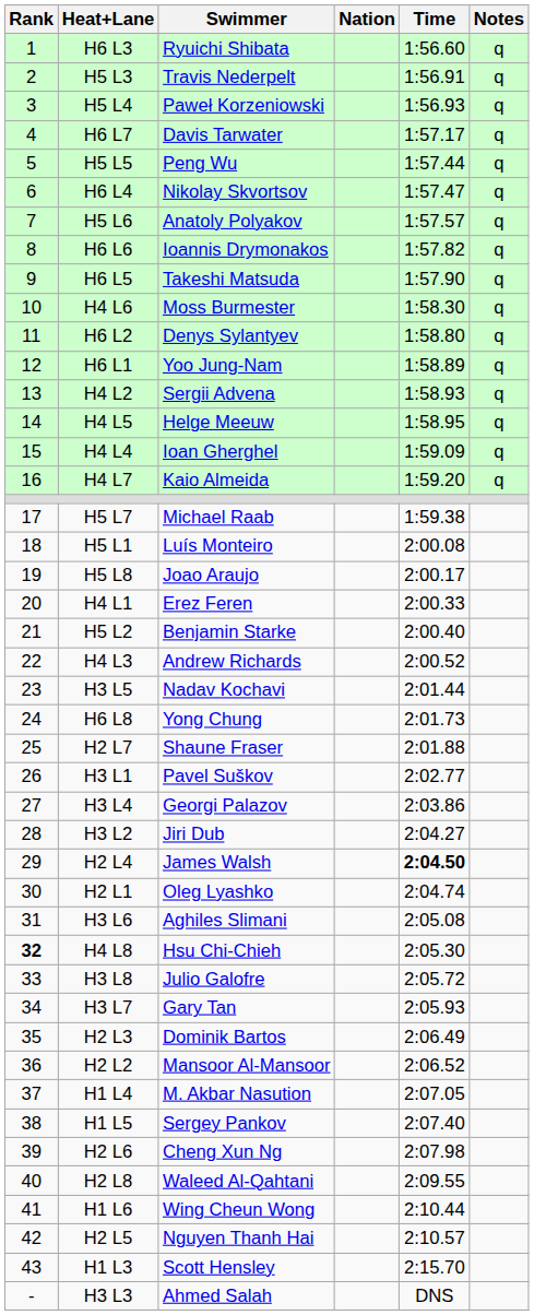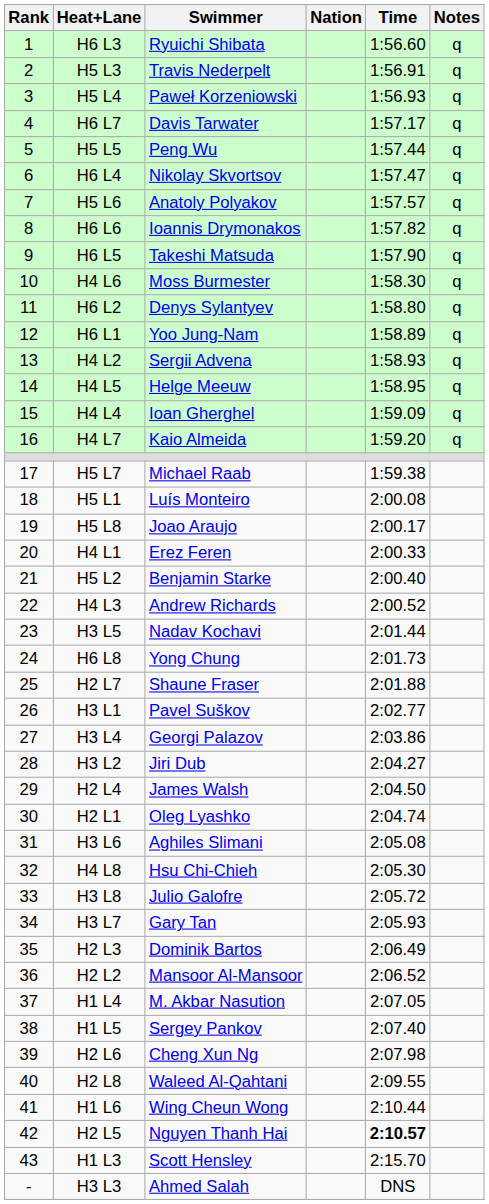 <table class="wikitable sortable" style="text-align:center">
 <tr>
 <th>Rank</th>
 <th>Heat+Lane</th>
 <th>Swimmer</th>
 <th>Nation</th>
 <th>Time</th>
 <th>Notes</th>
 </tr>
 <tr bgcolor=ccffcc>
 <td>1</td>
 <td>H6 L3</td>
 <td align=left><a href='#'>Ryuichi Shibata</a></td>
 <td align=left></td>
 <td>1:56.60</td>
 <td>q</td>
 </tr>
 <tr bgcolor=ccffcc>
 <td>2</td>
 <td>H5 L3</td>
 <td align=left><a href='#'>Travis Nederpelt</a></td>
 <td align=left></td>
 <td>1:56.91</td>
 <td>q</td>
 </tr>
 <tr bgcolor=ccffcc>
 <td>3</td>
 <td>H5 L4</td>
 <td align=left><a href='#'>Paweł Korzeniowski</a></td>
 <td align=left></td>
 <td>1:56.93</td>
 <td>q</td>
 </tr>
 <tr bgcolor=ccffcc>
 <td>4</td>
 <td>H6 L7</td>
 <td align=left><a href='#'>Davis Tarwater</a></td>
 <td align=left></td>
 <td>1:57.17</td>
 <td>q</td>
 </tr>
 <tr bgcolor=ccffcc>
 <td>5</td>
 <td>H5 L5</td>
 <td align=left><a href='#'>Peng Wu</a></td>
 <td align=left></td>
 <td>1:57.44</td>
 <td>q</td>
 </tr>
 <tr bgcolor=ccffcc>
 <td>6</td>
 <td>H6 L4</td>
 <td align=left><a href='#'>Nikolay Skvortsov</a></td>
 <td align=left></td>
 <td>1:57.47</td>
 <td>q</td>
 </tr>
 <tr bgcolor=ccffcc>
 <td>7</td>
 <td>H5 L6</td>
 <td align=left><a href='#'>Anatoly Polyakov</a></td>
 <td align=left></td>
 <td>1:57.57</td>
 <td>q</td>
 </tr>
 <tr bgcolor=ccffcc>
 <td>8</td>
 <td>H6 L6</td>
 <td align=left><a href='#'>Ioannis Drymonakos</a></td>
 <td align=left></td>
 <td>1:57.82</td>
 <td>q</td>
 </tr>
 <tr bgcolor=ccffcc>
 <td>9</td>
 <td>H6 L5</td>
 <td align=left><a href='#'>Takeshi Matsuda</a></td>
 <td align=left></td>
 <td>1:57.90</td>
 <td>q</td>
 </tr>
 <tr bgcolor=ccffcc>
 <td>10</td>
 <td>H4 L6</td>
 <td align=left><a href='#'>Moss Burmester</a></td>
 <td align=left></td>
 <td>1:58.30</td>
 <td>q</td>
 </tr>
 <tr bgcolor=ccffcc>
 <td>11</td>
 <td>H6 L2</td>
 <td align=left><a href='#'>Denys Sylantyev</a></td>
 <td align=left></td>
 <td>1:58.80</td>
 <td>q</td>
 </tr>
 <tr bgcolor=ccffcc>
 <td>12</td>
 <td>H6 L1</td>
 <td align=left><a href='#'>Yoo Jung-Nam</a></td>
 <td align=left></td>
 <td>1:58.89</td>
 <td>q</td>
 </tr>
 <tr bgcolor=ccffcc>
 <td>13</td>
 <td>H4 L2</td>
 <td align=left><a href='#'>Sergii Advena</a></td>
 <td align=left></td>
 <td>1:58.93</td>
 <td>q</td>
 </tr>
 <tr bgcolor=ccffcc>
 <td>14</td>
 <td>H4 L5</td>
 <td align=left><a href='#'>Helge Meeuw</a></td>
 <td align=left></td>
 <td>1:58.95</td>
 <td>q</td>
 </tr>
 <tr bgcolor=ccffcc>
 <td>15</td>
 <td>H4 L4</td>
 <td align=left><a href='#'>Ioan Gherghel</a></td>
 <td align=left></td>
 <td>1:59.09</td>
 <td>q</td>
 </tr>
 <tr bgcolor=ccffcc>
 <td>16</td>
 <td>H4 L7</td>
 <td align=left><a href='#'>Kaio Almeida</a></td>
 <td align=left></td>
 <td>1:59.20</td>
 <td>q</td>
 </tr>
 <tr bgcolor=#DDDDDD>
 <td colspan=7></td>
 </tr>
 <tr>
 <td>17</td>
 <td>H5 L7</td>
 <td align=left><a href='#'>Michael Raab</a></td>
 <td align=left></td>
 <td>1:59.38</td>
 <td></td>
 </tr>
 <tr>
 <td>18</td>
 <td>H5 L1</td>
 <td align=left><a href='#'>Luís Monteiro</a></td>
 <td align=left></td>
 <td>2:00.08</td>
 <td></td>
 </tr>
 <tr>
 <td>19</td>
 <td>H5 L8</td>
 <td align=left><a href='#'>Joao Araujo</a></td>
 <td align=left></td>
 <td>2:00.17</td>
 <td></td>
 </tr>
 <tr>
 <td>20</td>
 <td>H4 L1</td>
 <td align=left><a href='#'>Erez Feren</a></td>
 <td align=left></td>
 <td>2:00.33</td>
 <td></td>
 </tr>
 <tr>
 <td>21</td>
 <td>H5 L2</td>
 <td align=left><a href='#'>Benjamin Starke</a></td>
 <td align=left></td>
 <td>2:00.40</td>
 <td></td>
 </tr>
 <tr>
 <td>22</td>
 <td>H4 L3</td>
 <td align=left><a href='#'>Andrew Richards</a></td>
 <td align=left></td>
 <td>2:00.52</td>
 <td></td>
 </tr>
 <tr>
 <td>23</td>
 <td>H3 L5</td>
 <td align=left><a href='#'>Nadav Kochavi</a></td>
 <td align=left></td>
 <td>2:01.44</td>
 <td></td>
 </tr>
 <tr>
 <td>24</td>
 <td>H6 L8</td>
 <td align=left><a href='#'>Yong Chung</a></td>
 <td align=left></td>
 <td>2:01.73</td>
 <td></td>
 </tr>
 <tr>
 <td>25</td>
 <td>H2 L7</td>
 <td align=left><a href='#'>Shaune Fraser</a></td>
 <td align=left></td>
 <td>2:01.88</td>
 <td></td>
 </tr>
 <tr>
 <td>26</td>
 <td>H3 L1</td>
 <td align=left><a href='#'>Pavel Suškov</a></td>
 <td align=left></td>
 <td>2:02.77</td>
 <td></td>
 </tr>
 <tr>
 <td>27</td>
 <td>H3 L4</td>
 <td align=left><a href='#'>Georgi Palazov</a></td>
 <td align=left></td>
 <td>2:03.86</td>
 <td></td>
 </tr>
 <tr>
 <td>28</td>
 <td>H3 L2</td>
 <td align=left><a href='#'>Jiri Dub</a></td>
 <td align=left></td>
 <td>2:04.27</td>
 <td></td>
 </tr>
 <tr>
 <td>29</td>
 <td>H2 L4</td>
 <td align=left><a href='#'>James Walsh</a></td>
 <td align=left></td>
-<td><strong>2:04.50</strong></td>
+<td>2:04.50</td>
 <td></td>
 </tr>
 <tr>
 <td>30</td>
 <td>H2 L1</td>
 <td align=left><a href='#'>Oleg Lyashko</a></td>
 <td align=left></td>
 <td>2:04.74</td>
 <td></td>
 </tr>
 <tr>
 <td>31</td>
 <td>H3 L6</td>
 <td align=left><a href='#'>Aghiles Slimani</a></td>
 <td align=left></td>
 <td>2:05.08</td>
 <td></td>
 </tr>
 <tr>
-<td><strong>32</strong></td>
+<td>32</td>
 <td>H4 L8</td>
 <td align=left><a href='#'>Hsu Chi-Chieh</a></td>
 <td align=left></td>
 <td>2:05.30</td>
 <td></td>
 </tr>
 <tr>
 <td>33</td>
 <td>H3 L8</td>
 <td align=left><a href='#'>Julio Galofre</a></td>
 <td align=left></td>
 <td>2:05.72</td>
 <td></td>
 </tr>
 <tr>
 <td>34</td>
 <td>H3 L7</td>
 <td align=left><a href='#'>Gary Tan</a></td>
 <td align=left></td>
 <td>2:05.93</td>
 <td></td>
 </tr>
 <tr>
 <td>35</td>
 <td>H2 L3</td>
 <td align=left><a href='#'>Dominik Bartos</a></td>
 <td align=left></td>
 <td>2:06.49</td>
 <td></td>
 </tr>
 <tr>
 <td>36</td>
 <td>H2 L2</td>
 <td align=left><a href='#'>Mansoor Al-Mansoor</a></td>
 <td align=left></td>
 <td>2:06.52</td>
 <td></td>
 </tr>
 <tr>
 <td>37</td>
 <td>H1 L4</td>
 <td align=left><a href='#'>M. Akbar Nasution</a></td>
 <td align=left></td>
 <td>2:07.05</td>
 <td></td>
 </tr>
 <tr>
 <td>38</td>
 <td>H1 L5</td>
 <td align=left><a href='#'>Sergey Pankov</a></td>
 <td align=left></td>
 <td>2:07.40</td>
 <td></td>
 </tr>
 <tr>
 <td>39</td>
 <td>H2 L6</td>
 <td align=left><a href='#'>Cheng Xun Ng</a></td>
 <td align=left></td>
 <td>2:07.98</td>
 <td></td>
 </tr>
 <tr>
 <td>40</td>
 <td>H2 L8</td>
 <td align=left><a href='#'>Waleed Al-Qahtani</a></td>
 <td align=left></td>
 <td>2:09.55</td>
 <td></td>
 </tr>
 <tr>
 <td>41</td>
 <td>H1 L6</td>
 <td align=left><a href='#'>Wing Cheun Wong</a></td>
 <td align=left></td>
 <td>2:10.44</td>
 <td></td>
 </tr>
 <tr>
 <td>42</td>
 <td>H2 L5</td>
 <td align=left><a href='#'>Nguyen Thanh Hai</a></td>
 <td align=left></td>
-<td>2:10.57</td>
+<td><strong>2:10.57</strong></td>
 <td></td>
 </tr>
 <tr>
 <td>43</td>
 <td>H1 L3</td>
 <td align=left><a href='#'>Scott Hensley</a></td>
 <td align=left></td>
 <td>2:15.70</td>
 <td></td>
 </tr>
 <tr>
 <td>-</td>
 <td>H3 L3</td>
 <td align=left><a href='#'>Ahmed Salah</a></td>
 <td align=left></td>
 <td>DNS</td>
 <td></td>
 </tr>
 <tr>
 </tr>
 </table>
